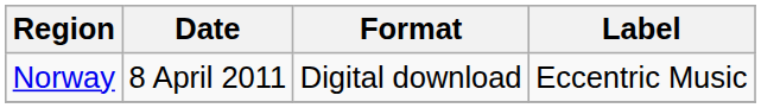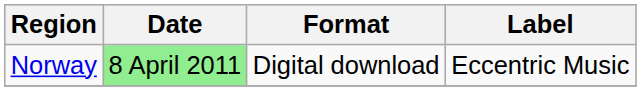 <table class=wikitable>
 <tr>
 <th>Region</th>
 <th>Date</th>
 <th>Format</th>
 <th>Label</th>
 </tr>
 <tr>
 <td><a href='#'>Norway</a></td>
-<td>8 April 2011</td>
+<td style="background: lightgreen;">8 April 2011</td>
 <td>Digital download</td>
 <td>Eccentric Music</td>
 </tr>
 <tr>
 </tr>
 </table>
